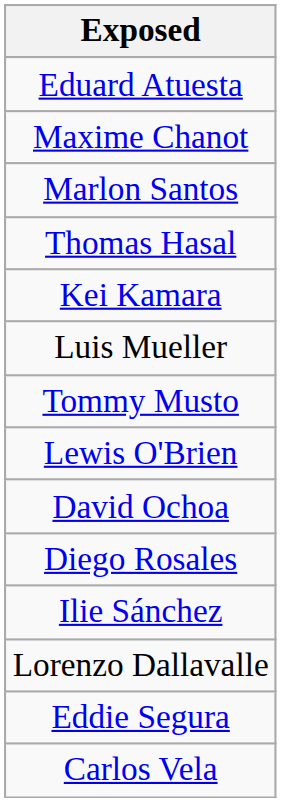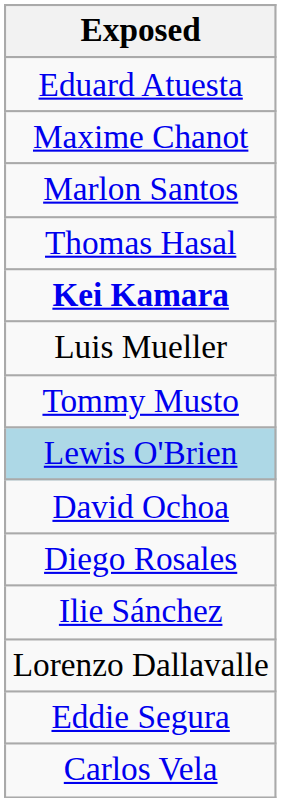 <table class="wikitable" style="text-align:center">
 <tr>
 <th>Exposed</th>
 </tr>
 <tr>
 <td><a href='#'>Eduard Atuesta</a></td>
 </tr>
 <tr>
 <td><a href='#'>Maxime Chanot</a></td>
 </tr>
 <tr>
 <td><a href='#'>Marlon Santos</a></td>
 </tr>
 <tr>
 <td><a href='#'>Thomas Hasal</a></td>
 </tr>
 <tr>
-<td><a href='#'>Kei Kamara</a></td>
+<td><strong><a href='#'>Kei Kamara</a></strong></td>
 </tr>
 <tr>
 <td>Luis Mueller</td>
 </tr>
 <tr>
 <td><a href='#'>Tommy Musto</a></td>
 </tr>
 <tr>
-<td><a href='#'>Lewis O'Brien</a></td>
+<td style="background: lightblue;"><a href='#'>Lewis O'Brien</a></td>
 </tr>
 <tr>
 <td><a href='#'>David Ochoa</a></td>
 </tr>
 <tr>
 <td><a href='#'>Diego Rosales</a></td>
 </tr>
 <tr>
 <td><a href='#'>Ilie Sánchez</a></td>
 </tr>
 <tr>
 <td>Lorenzo Dallavalle</td>
 </tr>
 <tr>
 <td><a href='#'>Eddie Segura</a></td>
 </tr>
 <tr>
 <td><a href='#'>Carlos Vela</a></td>
 </tr>
 </table>
